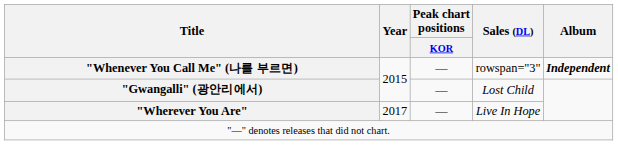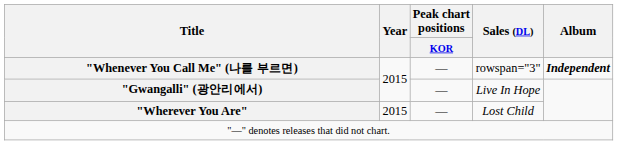 <table class="wikitable plainrowheaders" style="text-align:center;">
 <tr>
 <th scope="col" rowspan="2" style="width:30em;">Title</th>
 <th scope="col" rowspan="2">Year</th>
 <th scope="col" colspan="1">Peak chart <br> positions</th>
 <th scope="col" rowspan="2">Sales <small>(<a href='#'>DL</a>)</small></th>
 <th scope="col" rowspan="2">Album</th>
 </tr>
 <tr>
 <th><small><a href='#'>KOR</a></small><br></th>
 </tr>
 <tr>
 <th scope="row">"Whenever You Call Me" (나를 부르면)</th>
 <td rowspan="2">2015</td>
 <td>—</td>
 <td>rowspan="3" </td>
 <td><strong><em>Independent</em></strong></td>
 </tr>
 <tr>
 <th scope="row">"Gwangalli" (광안리에서)</th>
 <td>—</td>
-<td><em>Lost Child</em></td>
+<td><em>Live In Hope</em></td>
 </tr>
 <tr>
 <th scope="row">"Wherever You Are"</th>
-<td>2017</td>
+<td>2015</td>
 <td>—</td>
-<td><em>Live In Hope</em></td>
+<td><em>Lost Child</em></td>
 </tr>
 <tr>
 <td colspan="5" align="center"><small>"—" denotes releases that did not chart.</small></td>
 </tr>
 </table>
